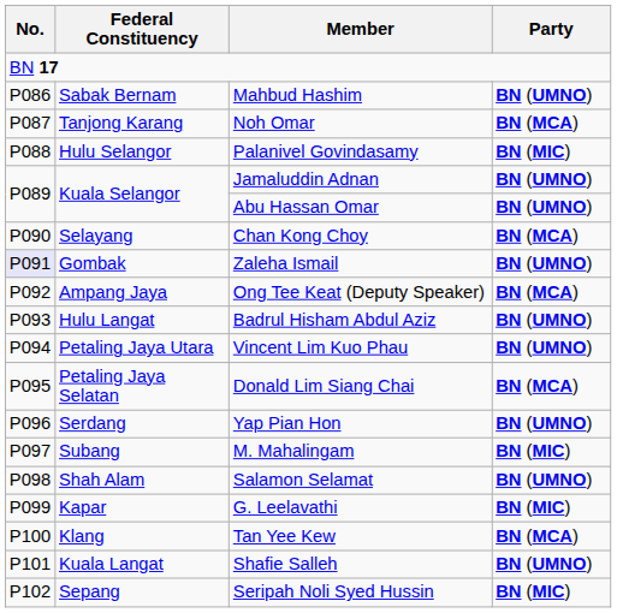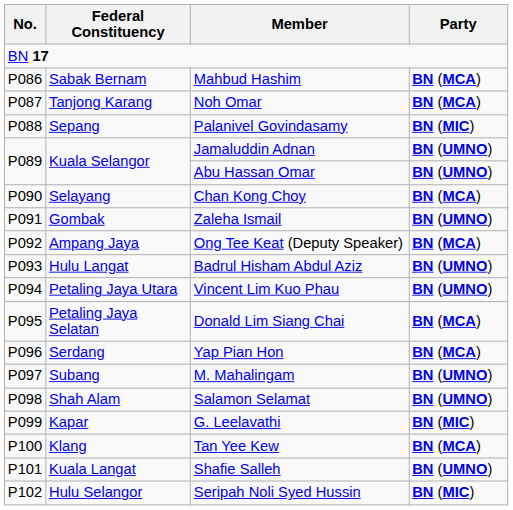 <table class="wikitable sortable">
 <tr>
 <th style="width:30px;">No.</th>
 <th style="width:150px;">Federal Constituency</th>
 <th style="width:230px;">Member</th>
 <th style="width:100px;">Party</th>
 </tr>
 <tr>
 <td colspan="4"><a href='#'>BN</a> <strong>17</strong></td>
 </tr>
 <tr>
 <td>P086</td>
 <td><a href='#'>Sabak Bernam</a></td>
 <td><a href='#'>Mahbud Hashim</a></td>
-<td><strong><a href='#'>BN</a></strong> (<strong><a href='#'>UMNO</a></strong>)</td>
+<td><strong><a href='#'>BN</a></strong> (<strong><a href='#'>MCA</a></strong>)</td>
 </tr>
 <tr>
 <td>P087</td>
 <td><a href='#'>Tanjong Karang</a></td>
 <td><a href='#'>Noh Omar</a></td>
 <td><strong><a href='#'>BN</a></strong> (<strong><a href='#'>MCA</a></strong>)</td>
 </tr>
 <tr>
 <td>P088</td>
-<td><a href='#'>Hulu Selangor</a></td>
+<td><a href='#'>Sepang</a></td>
 <td><a href='#'>Palanivel Govindasamy</a></td>
 <td><strong><a href='#'>BN</a></strong> (<strong><a href='#'>MIC</a></strong>)</td>
 </tr>
 <tr>
 <td rowspan=2>P089</td>
 <td rowspan=2><a href='#'>Kuala Selangor</a></td>
 <td><a href='#'>Jamaluddin Adnan</a> </td>
 <td><strong><a href='#'>BN</a></strong> (<strong><a href='#'>UMNO</a></strong>)</td>
 </tr>
 <tr>
 <td><a href='#'>Abu Hassan Omar</a> </td>
 <td><strong><a href='#'>BN</a></strong> (<strong><a href='#'>UMNO</a></strong>)</td>
 </tr>
 <tr>
 <td>P090</td>
 <td><a href='#'>Selayang</a></td>
 <td><a href='#'>Chan Kong Choy</a></td>
 <td><strong><a href='#'>BN</a></strong> (<strong><a href='#'>MCA</a></strong>)</td>
 </tr>
 <tr>
-<td style="background: lavender;">P091</td>
+<td>P091</td>
 <td><a href='#'>Gombak</a></td>
 <td><a href='#'>Zaleha Ismail</a></td>
 <td><strong><a href='#'>BN</a></strong> (<strong><a href='#'>UMNO</a></strong>)</td>
 </tr>
 <tr>
 <td>P092</td>
 <td><a href='#'>Ampang Jaya</a></td>
 <td><a href='#'>Ong Tee Keat</a> (Deputy Speaker)</td>
 <td><strong><a href='#'>BN</a></strong> (<strong><a href='#'>MCA</a></strong>)</td>
 </tr>
 <tr>
 <td>P093</td>
 <td><a href='#'>Hulu Langat</a></td>
 <td><a href='#'>Badrul Hisham Abdul Aziz</a></td>
 <td><strong><a href='#'>BN</a></strong> (<strong><a href='#'>UMNO</a></strong>)</td>
 </tr>
 <tr>
 <td>P094</td>
 <td><a href='#'>Petaling Jaya Utara</a></td>
 <td><a href='#'>Vincent Lim Kuo Phau</a></td>
 <td><strong><a href='#'>BN</a></strong> (<strong><a href='#'>UMNO</a></strong>)</td>
 </tr>
 <tr>
 <td>P095</td>
 <td><a href='#'>Petaling Jaya Selatan</a></td>
 <td><a href='#'>Donald Lim Siang Chai</a></td>
 <td><strong><a href='#'>BN</a></strong> (<strong><a href='#'>MCA</a></strong>)</td>
 </tr>
 <tr>
 <td>P096</td>
 <td><a href='#'>Serdang</a></td>
 <td><a href='#'>Yap Pian Hon</a></td>
-<td><strong><a href='#'>BN</a></strong> (<strong><a href='#'>UMNO</a></strong>)</td>
+<td><strong><a href='#'>BN</a></strong> (<strong><a href='#'>MCA</a></strong>)</td>
 </tr>
 <tr>
 <td>P097</td>
 <td><a href='#'>Subang</a></td>
 <td><a href='#'>M. Mahalingam</a></td>
-<td><strong><a href='#'>BN</a></strong> (<strong><a href='#'>MIC</a></strong>)</td>
+<td><strong><a href='#'>BN</a></strong> (<strong><a href='#'>UMNO</a></strong>)</td>
 </tr>
 <tr>
 <td>P098</td>
 <td><a href='#'>Shah Alam</a></td>
 <td><a href='#'>Salamon Selamat</a></td>
 <td><strong><a href='#'>BN</a></strong> (<strong><a href='#'>UMNO</a></strong>)</td>
 </tr>
 <tr>
 <td>P099</td>
 <td><a href='#'>Kapar</a></td>
 <td><a href='#'>G. Leelavathi</a></td>
 <td><strong><a href='#'>BN</a></strong> (<strong><a href='#'>MIC</a></strong>)</td>
 </tr>
 <tr>
 <td>P100</td>
 <td><a href='#'>Klang</a></td>
 <td><a href='#'>Tan Yee Kew</a></td>
 <td><strong><a href='#'>BN</a></strong> (<strong><a href='#'>MCA</a></strong>)</td>
 </tr>
 <tr>
 <td>P101</td>
 <td><a href='#'>Kuala Langat</a></td>
 <td><a href='#'>Shafie Salleh</a></td>
 <td><strong><a href='#'>BN</a></strong> (<strong><a href='#'>UMNO</a></strong>)</td>
 </tr>
 <tr>
 <td>P102</td>
-<td><a href='#'>Sepang</a></td>
+<td><a href='#'>Hulu Selangor</a></td>
 <td><a href='#'>Seripah Noli Syed Hussin</a></td>
 <td><strong><a href='#'>BN</a></strong> (<strong><a href='#'>MIC</a></strong>)</td>
 </tr>
 </table>
